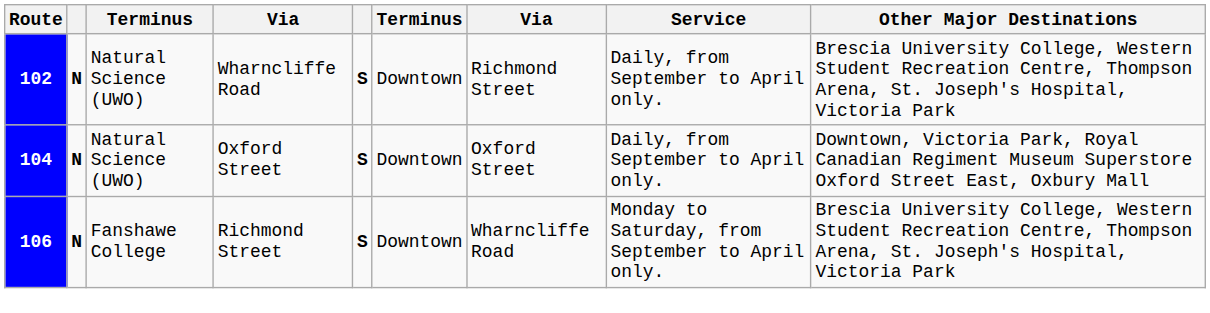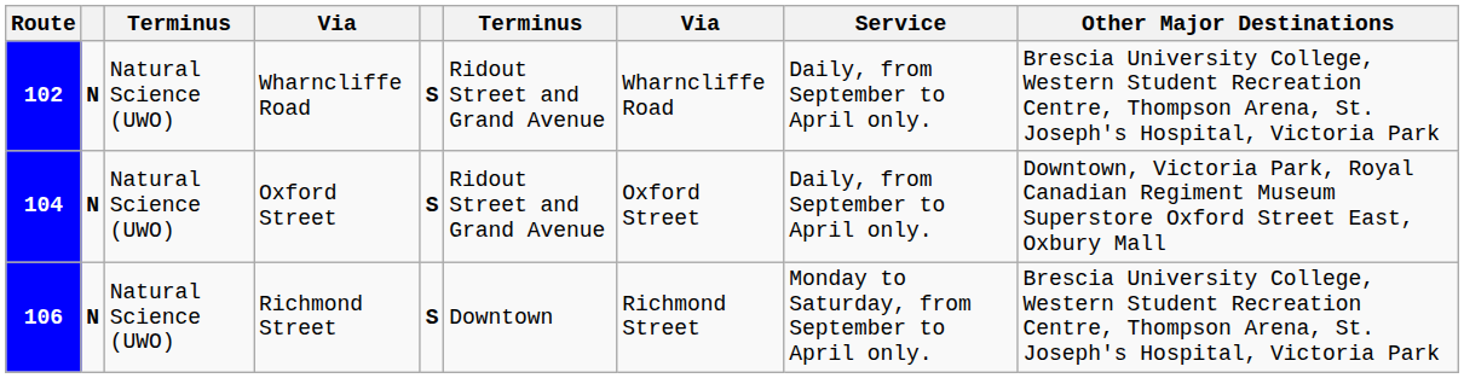 <table class="wikitable">
 <tr>
 <th>Route</th>
 <th></th>
 <th>Terminus</th>
 <th>Via</th>
 <th></th>
 <th>Terminus</th>
 <th>Via</th>
 <th>Service</th>
 <th>Other Major Destinations</th>
 </tr>
 <tr align="left">
 <td style="background:blue;color:white" align="center"><strong>102</strong></td>
 <td><strong>N</strong></td>
 <td>Natural Science (UWO)</td>
 <td>Wharncliffe Road</td>
 <td><strong>S</strong></td>
-<td>Downtown</td>
-<td>Richmond Street</td>
+<td>Ridout Street and Grand Avenue</td>
+<td>Wharncliffe Road</td>
 <td>Daily, from September to April only.</td>
 <td>Brescia University College, Western Student Recreation Centre, Thompson Arena, St. Joseph's Hospital, Victoria Park</td>
 </tr>
 <tr align="left">
 <td style="background:blue;color:white" align="center"><strong>104</strong></td>
 <td><strong>N</strong></td>
 <td>Natural Science (UWO)</td>
 <td>Oxford Street</td>
 <td><strong>S</strong></td>
-<td>Downtown</td>
+<td>Ridout Street and Grand Avenue</td>
 <td>Oxford Street</td>
 <td>Daily, from September to April only.</td>
 <td>Downtown, Victoria Park, Royal Canadian Regiment Museum Superstore Oxford Street East, Oxbury Mall</td>
 </tr>
 <tr align="left">
 <td style="background:blue;color:white" align="center"><strong>106</strong></td>
 <td><strong>N</strong></td>
-<td>Fanshawe College</td>
+<td>Natural Science (UWO)</td>
 <td>Richmond Street</td>
 <td><strong>S</strong></td>
 <td>Downtown</td>
-<td>Wharncliffe Road</td>
+<td>Richmond Street</td>
 <td>Monday to Saturday, from September to April only.</td>
 <td>Brescia University College, Western Student Recreation Centre, Thompson Arena, St. Joseph's Hospital, Victoria Park</td>
 </tr>
 </table>
